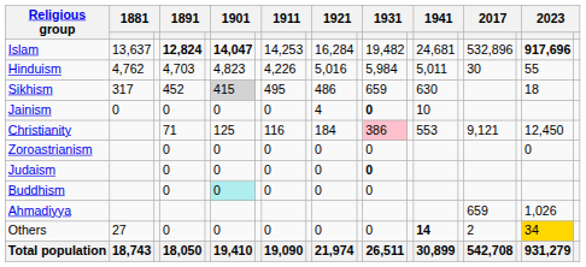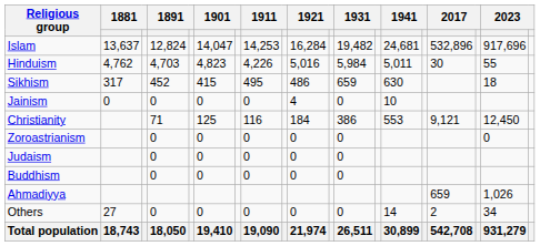 <table class="wikitable sortable">
 <tr>
 <th rowspan="2"><a href='#'>Religious</a><br>group</th>
 <th colspan="2">1881</th>
 <th colspan="2">1891</th>
 <th colspan="2">1901</th>
 <th colspan="2">1911</th>
 <th colspan="2">1921</th>
 <th colspan="2">1931</th>
 <th colspan="2">1941</th>
 <th colspan="2">2017</th>
 <th colspan="2">2023</th>
 </tr>
 <tr>
 <th><a href='#'></a></th>
 <th></th>
 <th></th>
 <th></th>
 <th></th>
 <th></th>
 <th></th>
 <th></th>
 <th></th>
 <th></th>
 <th></th>
 <th></th>
 <th></th>
 <th></th>
 <th></th>
 <th></th>
 <th></th>
 <th></th>
 </tr>
 <tr>
 <td><a href='#'>Islam</a> </td>
 <td>13,637</td>
 <td></td>
-<td><strong>12,824</strong></td>
+<td>12,824</td>
 <td></td>
-<td><strong>14,047</strong></td>
+<td>14,047</td>
 <td></td>
 <td>14,253</td>
 <td></td>
 <td>16,284</td>
 <td></td>
 <td>19,482</td>
 <td></td>
 <td>24,681</td>
 <td></td>
 <td>532,896</td>
 <td></td>
-<td><strong>917,696</strong></td>
+<td>917,696</td>
 <td></td>
 </tr>
 <tr>
 <td><a href='#'>Hinduism</a> </td>
 <td>4,762</td>
 <td></td>
 <td>4,703</td>
 <td></td>
 <td>4,823</td>
 <td></td>
 <td>4,226</td>
 <td></td>
 <td>5,016</td>
 <td></td>
 <td>5,984</td>
 <td></td>
 <td>5,011</td>
 <td></td>
 <td>30</td>
 <td></td>
 <td>55</td>
 <td></td>
 </tr>
 <tr>
 <td><a href='#'>Sikhism</a> </td>
 <td>317</td>
 <td></td>
 <td>452</td>
 <td></td>
-<td style="background: lightgrey;">415</td>
+<td>415</td>
 <td></td>
 <td>495</td>
 <td></td>
 <td>486</td>
 <td></td>
 <td>659</td>
 <td></td>
 <td>630</td>
 <td></td>
 <td></td>
 <td></td>
 <td>18</td>
 <td></td>
 </tr>
 <tr>
 <td><a href='#'>Jainism</a> </td>
 <td>0</td>
 <td></td>
 <td>0</td>
 <td></td>
 <td>0</td>
 <td></td>
 <td>0</td>
 <td></td>
 <td>4</td>
 <td></td>
-<td><strong>0</strong></td>
+<td>0</td>
 <td></td>
 <td>10</td>
 <td></td>
 <td></td>
 <td></td>
 <td></td>
 <td></td>
 </tr>
 <tr>
 <td><a href='#'>Christianity</a> </td>
 <td></td>
 <td></td>
 <td>71</td>
 <td></td>
 <td>125</td>
 <td></td>
 <td>116</td>
 <td></td>
 <td>184</td>
 <td></td>
-<td style="background: pink;">386</td>
+<td>386</td>
 <td></td>
 <td>553</td>
 <td></td>
 <td>9,121</td>
 <td></td>
 <td>12,450</td>
 <td></td>
 </tr>
 <tr>
 <td><a href='#'>Zoroastrianism</a> </td>
 <td></td>
 <td></td>
 <td>0</td>
 <td></td>
 <td>0</td>
 <td></td>
 <td>0</td>
 <td></td>
 <td>0</td>
 <td></td>
 <td>0</td>
 <td></td>
 <td></td>
 <td></td>
 <td></td>
 <td></td>
 <td>0</td>
 <td></td>
 </tr>
 <tr>
 <td><a href='#'>Judaism</a> </td>
 <td></td>
 <td></td>
 <td>0</td>
 <td></td>
 <td>0</td>
 <td></td>
 <td>0</td>
 <td></td>
 <td>0</td>
 <td></td>
-<td><strong>0</strong></td>
+<td>0</td>
 <td></td>
 <td></td>
 <td></td>
 <td></td>
 <td></td>
 <td></td>
 <td></td>
 </tr>
 <tr>
 <td><a href='#'>Buddhism</a> </td>
 <td></td>
 <td></td>
 <td>0</td>
 <td></td>
-<td style="background: paleturquoise;">0</td>
+<td>0</td>
 <td></td>
 <td>0</td>
 <td></td>
 <td>0</td>
 <td></td>
 <td>0</td>
 <td></td>
 <td></td>
 <td></td>
 <td></td>
 <td></td>
 <td></td>
 <td></td>
 </tr>
 <tr>
 <td><a href='#'>Ahmadiyya</a> </td>
 <td></td>
 <td></td>
 <td></td>
 <td></td>
 <td></td>
 <td></td>
 <td></td>
 <td></td>
 <td></td>
 <td></td>
 <td></td>
 <td></td>
 <td></td>
 <td></td>
 <td>659</td>
 <td></td>
 <td>1,026</td>
 <td></td>
 </tr>
 <tr>
 <td>Others</td>
 <td>27</td>
 <td></td>
 <td>0</td>
 <td></td>
 <td>0</td>
 <td></td>
 <td>0</td>
 <td></td>
 <td>0</td>
 <td></td>
 <td>0</td>
 <td></td>
-<td><strong>14</strong></td>
+<td>14</td>
 <td></td>
 <td>2</td>
 <td></td>
-<td style="background: gold;">34</td>
+<td>34</td>
 <td></td>
 </tr>
 <tr>
 <th>Total population</th>
 <th>18,743</th>
 <th></th>
 <th>18,050</th>
 <th></th>
 <th>19,410</th>
 <th></th>
 <th>19,090</th>
 <th></th>
 <th>21,974</th>
 <th></th>
 <th>26,511</th>
 <th></th>
 <th>30,899</th>
 <th></th>
 <th>542,708</th>
 <th></th>
 <th>931,279</th>
 <th></th>
 </tr>
 </table>
